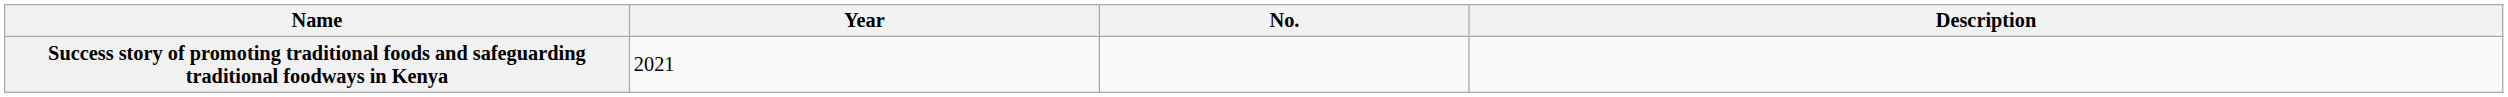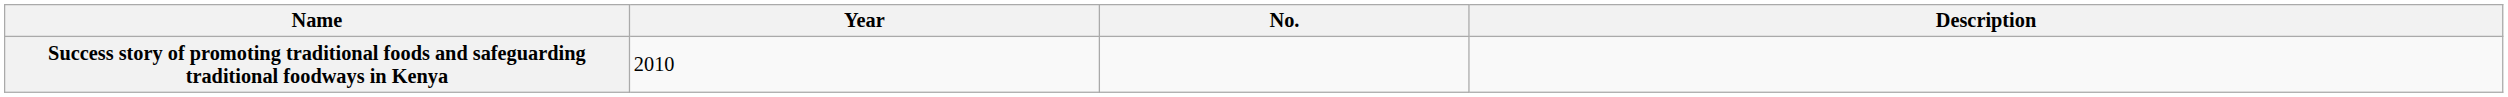 <table class="wikitable sortable plainrowheaders">
 <tr>
 <th style="width:25%">Name</th>
 <th>Year</th>
 <th>No.</th>
 <th class="unsortable">Description</th>
 </tr>
 <tr>
 <th scope="row">Success story of promoting traditional foods and safeguarding traditional foodways in Kenya</th>
-<td>2021</td>
+<td>2010</td>
 <td></td>
 <td></td>
 </tr>
 </table>
